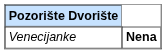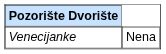 <table border="1" cellpadding="4" cellspacing="0">
 <tr bgcolor="#C6E2FF">
 <th><strong>Pozorište Dvorište</strong></th>
 </tr>
 <tr>
 <td><em>Venecijanke</em></td>
-<td><strong>Nena</strong></td>
+<td>Nena</td>
 </tr>
 </table>
